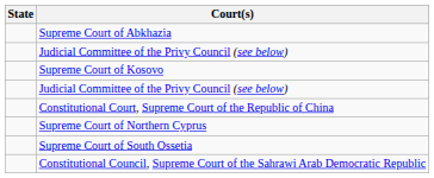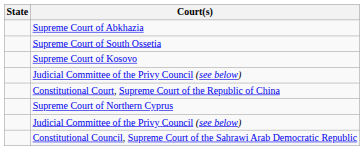 <table class="sortable wikitable">
 <tr style="background:#ccc;">
 <th>State</th>
 <th>Court(s)</th>
 </tr>
 <tr>
 <td></td>
 <td><a href='#'>Supreme Court of Abkhazia</a></td>
 </tr>
 <tr>
 <td></td>
-<td><a href='#'>Judicial Committee of the Privy Council</a> <em>(<a href='#'>see below</a>)</em></td>
+<td><a href='#'>Supreme Court of South Ossetia</a></td>
 </tr>
 <tr>
 <td></td>
 <td><a href='#'>Supreme Court of Kosovo</a></td>
 </tr>
 <tr>
 <td></td>
 <td><a href='#'>Judicial Committee of the Privy Council</a> <em>(<a href='#'>see below</a>)</em></td>
 </tr>
 <tr>
 <td></td>
 <td><a href='#'>Constitutional Court</a>, <a href='#'>Supreme Court of the Republic of China</a></td>
 </tr>
 <tr>
 <td></td>
 <td><a href='#'>Supreme Court of Northern Cyprus</a></td>
 </tr>
 <tr>
 <td></td>
-<td><a href='#'>Supreme Court of South Ossetia</a></td>
+<td><a href='#'>Judicial Committee of the Privy Council</a> <em>(<a href='#'>see below</a>)</em></td>
 </tr>
 <tr>
 <td></td>
 <td><a href='#'>Constitutional Council</a>, <a href='#'>Supreme Court of the Sahrawi Arab Democratic Republic</a></td>
 </tr>
 </table>
